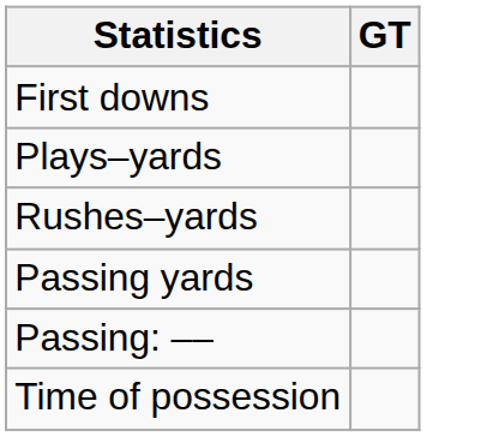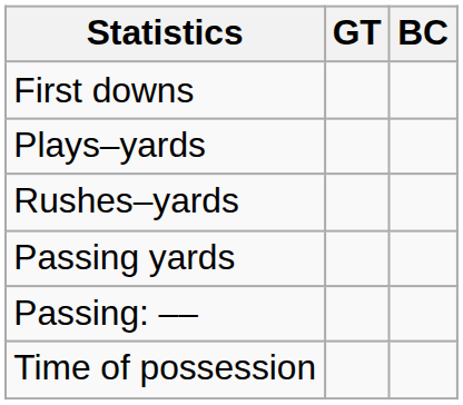 <table class="wikitable" style="float:left">
 <tr>
 <th>Statistics</th>
 <th>GT</th>
+<th>BC</th>
 </tr>
 <tr>
 <td>First downs</td>
+<td></td>
 <td></td>
 </tr>
 <tr>
 <td>Plays–yards</td>
 <td></td>
+<td></td>
 </tr>
 <tr>
 <td>Rushes–yards</td>
+<td></td>
 <td></td>
 </tr>
 <tr>
 <td>Passing yards</td>
 <td></td>
+<td></td>
 </tr>
 <tr>
 <td>Passing: ––</td>
+<td></td>
 <td></td>
 </tr>
 <tr>
 <td>Time of possession</td>
 <td></td>
+<td></td>
 </tr>
 </table>
